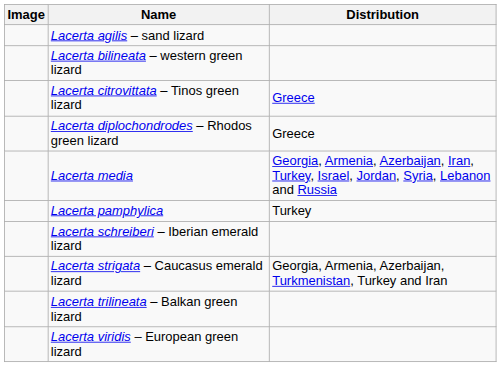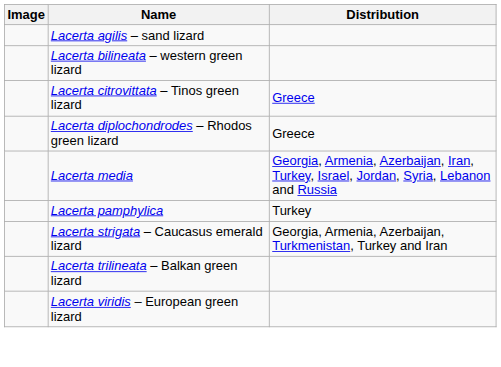 <table class="wikitable">
 <tr>
 <th>Image</th>
 <th>Name</th>
 <th>Distribution</th>
 </tr>
 <tr>
 <td></td>
 <td><em><a href='#'>Lacerta agilis</a> –</em> sand lizard</td>
 <td></td>
 </tr>
 <tr>
 <td></td>
 <td><em><a href='#'>Lacerta bilineata</a> –</em> western green lizard</td>
 <td></td>
 </tr>
 <tr>
 <td></td>
 <td><em><a href='#'>Lacerta citrovittata</a> –</em> Tinos green lizard</td>
 <td><a href='#'>Greece</a></td>
 </tr>
 <tr>
 <td></td>
 <td><em><a href='#'>Lacerta diplochondrodes</a> –</em> Rhodos green lizard</td>
 <td>Greece</td>
 </tr>
 <tr>
 <td></td>
 <td><em><a href='#'>Lacerta media</a></em></td>
 <td><a href='#'>Georgia</a>, <a href='#'>Armenia</a>, <a href='#'>Azerbaijan</a>, <a href='#'>Iran</a>,<br><a href='#'>Turkey</a>, <a href='#'>Israel</a>, <a href='#'>Jordan</a>, <a href='#'>Syria</a>, <a href='#'>Lebanon</a> and <a href='#'>Russia</a></td>
 </tr>
 <tr>
 <td></td>
 <td><em><a href='#'>Lacerta pamphylica</a></em></td>
 <td>Turkey</td>
 </tr>
 <tr>
 <td></td>
-<td><em><a href='#'>Lacerta schreiberi</a> –</em> Iberian emerald lizard</td>
-<td></td>
-</tr>
-<tr>
-<td></td>
 <td><em><a href='#'>Lacerta strigata</a> –</em> Caucasus emerald lizard</td>
 <td>Georgia, Armenia, Azerbaijan,<br><a href='#'>Turkmenistan</a>, Turkey and Iran</td>
 </tr>
 <tr>
 <td></td>
 <td><em><a href='#'>Lacerta trilineata</a> –</em> Balkan green lizard</td>
 <td></td>
 </tr>
 <tr>
 <td></td>
 <td><em><a href='#'>Lacerta viridis</a></em> – European green lizard</td>
 <td></td>
 </tr>
 </table>
